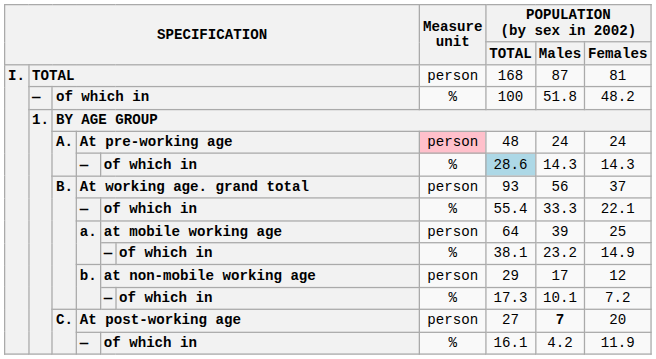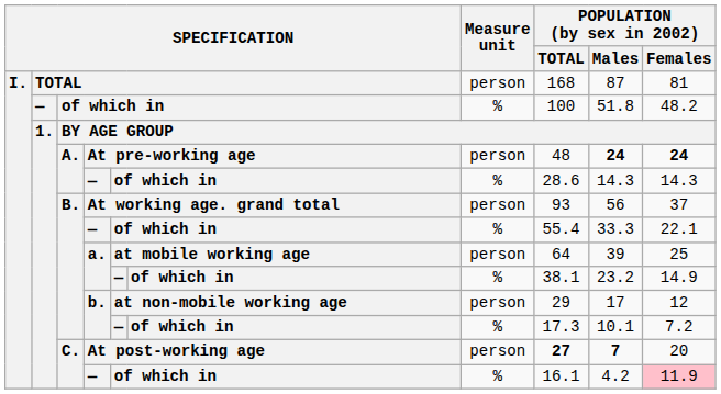 <table class="wikitable" style="font-size:85%; text-align:center">
 <tr>
 <th rowspan="2" colspan="6">SPECIFICATION</th>
 <th rowspan="2">Measure<br> unit</th>
 <th colspan="3" rowspan="1">POPULATION<br> (by sex in 2002)</th>
 </tr>
 <tr>
 <th>TOTAL</th>
 <th>Males</th>
 <th>Females</th>
 </tr>
 <tr>
 <th style="text-align:left" valign="top" rowspan="13">I.</th>
 <th style="text-align:left" colspan="5">TOTAL</th>
 <td>person</td>
 <td>168</td>
 <td>87</td>
 <td>81</td>
 </tr>
 <tr>
 <th style="text-align:left" valign="top">—</th>
 <th style="text-align:left" colspan="4">of which in</th>
 <td>%</td>
 <td>100</td>
 <td>51.8</td>
 <td>48.2</td>
 </tr>
 <tr>
 <th style="text-align:left" valign="top" rowspan="11">1.</th>
 <th style="text-align:left" colspan="19">BY AGE GROUP</th>
 </tr>
 <tr>
 <th style="text-align:left" valign="top" rowspan="2">A.</th>
 <th style="text-align:left" colspan="3">At pre-working age</th>
-<td style="background: pink;">person</td>
+<td>person</td>
 <td>48</td>
-<td>24</td>
-<td>24</td>
+<td><strong>24</strong></td>
+<td><strong>24</strong></td>
 </tr>
 <tr>
 <th style="text-align:left" valign="top">—</th>
 <th style="text-align:left" valign="top" colspan="2">of which in</th>
 <td>%</td>
-<td style="background: lightblue;">28.6</td>
+<td>28.6</td>
 <td>14.3</td>
 <td>14.3</td>
 </tr>
 <tr>
 <th style="text-align:left" valign="top" rowspan="6">B.</th>
 <th style="text-align:left" colspan="3">At working age. grand total</th>
 <td>person</td>
 <td>93</td>
 <td>56</td>
 <td>37</td>
 </tr>
 <tr>
 <th style="text-align:left" valign="top">—</th>
 <th style="text-align:left" valign="top" colspan="2">of which in</th>
 <td>%</td>
 <td>55.4</td>
 <td>33.3</td>
 <td>22.1</td>
 </tr>
 <tr>
 <th style="text-align:left" valign="top" rowspan="2">a.</th>
 <th style="text-align:left" colspan="2">at mobile working age</th>
 <td>person</td>
 <td>64</td>
 <td>39</td>
 <td>25</td>
 </tr>
 <tr>
 <th style="text-align:left" valign="top">—</th>
 <th style="text-align:left" valign="top" colspan="1">of which in                        </th>
 <td>%</td>
 <td>38.1</td>
 <td>23.2</td>
 <td>14.9</td>
 </tr>
 <tr>
 <th style="text-align:left" valign="top" rowspan="2">b.</th>
 <th style="text-align:left" colspan="2">at non-mobile working age</th>
 <td>person</td>
 <td>29</td>
 <td>17</td>
 <td>12</td>
 </tr>
 <tr>
 <th style="text-align:left" valign="top">—</th>
 <th style="text-align:left" valign="top" colspan="1">of which in                        </th>
 <td>%</td>
 <td>17.3</td>
 <td>10.1</td>
 <td>7.2</td>
 </tr>
 <tr>
 <th style="text-align:left" valign="top" rowspan="2">C.</th>
 <th style="text-align:left" colspan="3">At post-working age</th>
 <td>person</td>
-<td>27</td>
+<td><strong>27</strong></td>
 <td><strong>7</strong></td>
 <td>20</td>
 </tr>
 <tr>
 <th style="text-align:left" valign="top">—</th>
 <th style="text-align:left" valign="top" colspan="2">of which in</th>
 <td>%</td>
 <td>16.1</td>
 <td>4.2</td>
-<td>11.9</td>
+<td style="background: pink;">11.9</td>
 </tr>
 </table>
